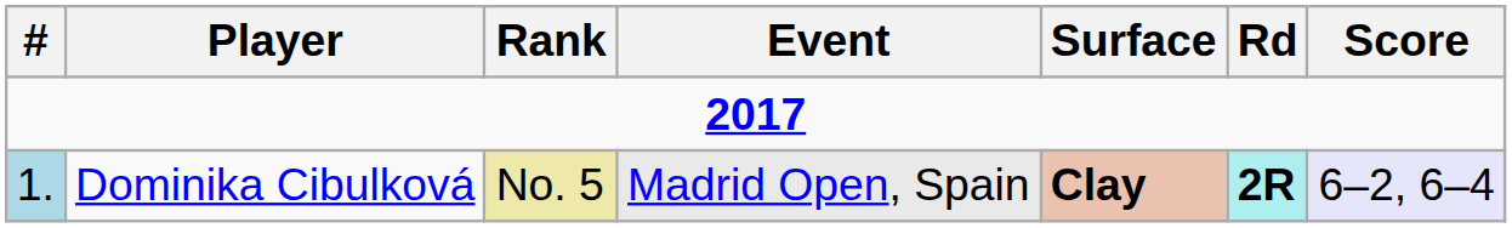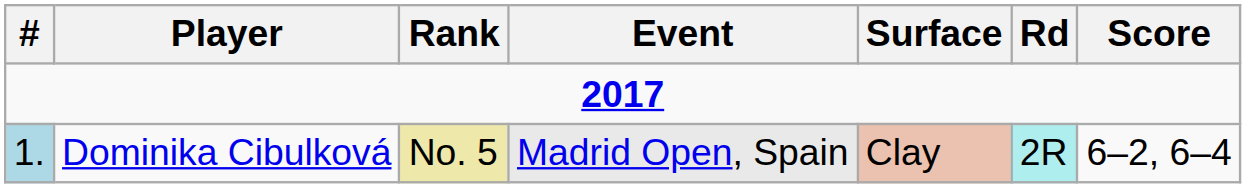 <table class="wikitable sortable">
 <tr>
 <th>#</th>
 <th>Player</th>
 <th>Rank</th>
 <th>Event</th>
 <th>Surface</th>
 <th>Rd</th>
 <th>Score</th>
 </tr>
 <tr>
 <td align=center colspan="7"><a href='#'><strong>2017</strong></a></td>
 </tr>
 <tr>
 <td style="background: lightblue;">1.</td>
 <td> <a href='#'>Dominika Cibulková</a></td>
 <td bgcolor=eee8aa>No. 5</td>
 <td bgcolor=e9e9e9><a href='#'>Madrid Open</a>, Spain</td>
-<td bgcolor=EBC2AF><strong>Clay</strong></td>
-<td bgcolor=afeeee><strong>2R</strong></td>
-<td style="background: lavender;">6–2, 6–4</td>
+<td bgcolor=EBC2AF>Clay</td>
+<td bgcolor=afeeee>2R</td>
+<td>6–2, 6–4</td>
 </tr>
 </table>
